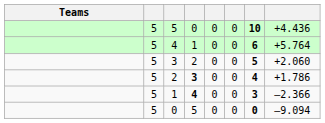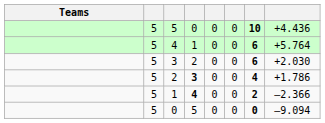 <table class="wikitable" style="text-align:center">
 <tr>
 <th style="width:175px;">Teams</th>
 <th style="width:20px;"></th>
 <th style="width:20px;"></th>
 <th style="width:20px;"></th>
 <th style="width:20px;"></th>
 <th style="width:20px;"></th>
 <th style="width:20px;"></th>
 <th style="width:65px;"></th>
 </tr>
 <tr style="background:#cfc;">
 <td style="text-align:left"></td>
 <td>5</td>
 <td>5</td>
 <td>0</td>
 <td>0</td>
 <td>0</td>
 <td><strong>10</strong></td>
 <td>+4.436</td>
 </tr>
 <tr style="background:#cfc;">
 <td style="text-align:left"></td>
 <td>5</td>
 <td>4</td>
 <td>1</td>
 <td>0</td>
 <td>0</td>
 <td><strong>6</strong></td>
 <td>+5.764</td>
 </tr>
 <tr>
 <td style="text-align:left"></td>
 <td>5</td>
 <td>3</td>
 <td>2</td>
 <td>0</td>
 <td>0</td>
-<td><strong>5</strong></td>
-<td>+2.060</td>
+<td><strong>6</strong></td>
+<td>+2.030</td>
 </tr>
 <tr>
 <td style="text-align:left"></td>
 <td>5</td>
 <td>2</td>
 <td><strong>3</strong></td>
 <td>0</td>
 <td>0</td>
 <td><strong>4</strong></td>
 <td>+1.786</td>
 </tr>
 <tr>
 <td style="text-align:left"></td>
 <td>5</td>
 <td>1</td>
 <td><strong>4</strong></td>
 <td>0</td>
 <td>0</td>
-<td><strong>3</strong></td>
+<td><strong>2</strong></td>
 <td>–2.366</td>
 </tr>
 <tr>
 <td style="text-align:left"></td>
 <td>5</td>
 <td>0</td>
 <td>5</td>
 <td>0</td>
 <td>0</td>
 <td><strong>0</strong></td>
 <td>–9.094</td>
 </tr>
 </table>
